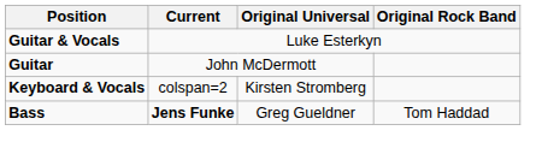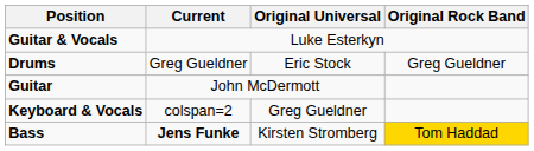 <table class="wikitable" style="text-align:center;">
 <tr>
 <th>Position</th>
 <th>Current</th>
 <th>Original Universal</th>
 <th>Original Rock Band</th>
 </tr>
 <tr>
 <td style="text-align:left;"><strong>Guitar & Vocals</strong></td>
 <td colspan=3>Luke Esterkyn</td>
 </tr>
 <tr>
+<td style="text-align:left;"><strong>Drums</strong></td>
+<td>Greg Gueldner</td>
+<td>Eric Stock</td>
+<td>Greg Gueldner</td>
+</tr>
+<tr>
 <td style="text-align:left;"><strong>Guitar</strong></td>
 <td colspan=2>John McDermott</td>
 <td></td>
 </tr>
 <tr>
 <td style="text-align:left;"><strong>Keyboard & Vocals</strong></td>
 <td>colspan=2 </td>
-<td>Kirsten Stromberg</td>
+<td>Greg Gueldner</td>
 </tr>
 <tr>
 <td style="text-align:left;"><strong>Bass</strong></td>
 <td><strong>Jens Funke</strong></td>
-<td>Greg Gueldner</td>
-<td>Tom Haddad</td>
+<td>Kirsten Stromberg</td>
+<td style="background: gold;">Tom Haddad</td>
 </tr>
 </table>
